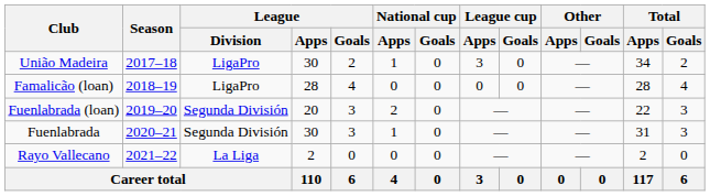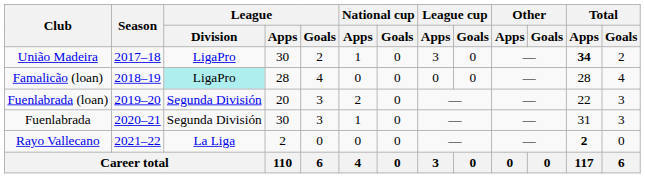 <table class="wikitable" style="text-align:center">
 <tr>
 <th rowspan="2">Club</th>
 <th rowspan="2">Season</th>
 <th colspan="3">League</th>
 <th colspan="2">National cup</th>
 <th colspan="2">League cup</th>
 <th colspan="2">Other</th>
 <th colspan="2">Total</th>
 </tr>
 <tr>
 <th>Division</th>
 <th>Apps</th>
 <th>Goals</th>
 <th>Apps</th>
 <th>Goals</th>
 <th>Apps</th>
 <th>Goals</th>
 <th>Apps</th>
 <th>Goals</th>
 <th>Apps</th>
 <th>Goals</th>
 </tr>
 <tr>
 <td><a href='#'>União Madeira</a></td>
 <td><a href='#'>2017–18</a></td>
 <td><a href='#'>LigaPro</a></td>
 <td>30</td>
 <td>2</td>
 <td>1</td>
 <td>0</td>
 <td>3</td>
 <td>0</td>
 <td colspan="2">—</td>
-<td>34</td>
+<td><strong>34</strong></td>
 <td>2</td>
 </tr>
 <tr>
 <td><a href='#'>Famalicão</a> (loan)</td>
 <td><a href='#'>2018–19</a></td>
-<td>LigaPro</td>
+<td style="background: paleturquoise;">LigaPro</td>
 <td>28</td>
 <td>4</td>
 <td>0</td>
 <td>0</td>
 <td>0</td>
 <td>0</td>
 <td colspan="2">—</td>
 <td>28</td>
 <td>4</td>
 </tr>
 <tr>
 <td><a href='#'>Fuenlabrada</a> (loan)</td>
 <td><a href='#'>2019–20</a></td>
 <td><a href='#'>Segunda División</a></td>
 <td>20</td>
 <td>3</td>
 <td>2</td>
 <td>0</td>
 <td colspan="2">—</td>
 <td colspan="2">—</td>
 <td>22</td>
 <td>3</td>
 </tr>
 <tr>
 <td>Fuenlabrada</td>
 <td><a href='#'>2020–21</a></td>
 <td>Segunda División</td>
 <td>30</td>
 <td>3</td>
 <td>1</td>
 <td>0</td>
 <td colspan="2">—</td>
 <td colspan="2">—</td>
 <td>31</td>
 <td>3</td>
 </tr>
 <tr>
 <td><a href='#'>Rayo Vallecano</a></td>
 <td><a href='#'>2021–22</a></td>
 <td><a href='#'>La Liga</a></td>
 <td>2</td>
 <td>0</td>
 <td>0</td>
 <td>0</td>
 <td colspan="2">—</td>
 <td colspan="2">—</td>
-<td>2</td>
+<td><strong>2</strong></td>
 <td>0</td>
 </tr>
 <tr>
 <th colspan="3">Career total</th>
 <th>110</th>
 <th>6</th>
 <th>4</th>
 <th>0</th>
 <th>3</th>
 <th>0</th>
 <th>0</th>
 <th>0</th>
 <th>117</th>
 <th>6</th>
 </tr>
 </table>
